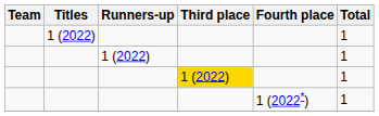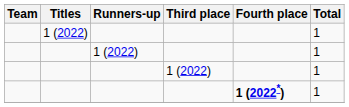 <table class="wikitable sortable">
 <tr>
 <th>Team</th>
 <th>Titles</th>
 <th>Runners-up</th>
 <th>Third place</th>
 <th>Fourth place</th>
 <th>Total</th>
 </tr>
 <tr>
 <td></td>
 <td>1 (<a href='#'>2022</a>)</td>
 <td></td>
 <td></td>
 <td></td>
 <td>1</td>
 </tr>
 <tr>
 <td></td>
 <td></td>
 <td>1 (<a href='#'>2022</a>)</td>
 <td></td>
 <td></td>
 <td>1</td>
 </tr>
 <tr>
 <td></td>
 <td></td>
 <td></td>
-<td style="background: gold;">1 (<a href='#'>2022</a>)</td>
+<td>1 (<a href='#'>2022</a>)</td>
 <td></td>
 <td>1</td>
 </tr>
 <tr>
 <td></td>
 <td></td>
 <td></td>
 <td></td>
-<td>1 (<a href='#'>2022</a><sup><a href='#'>*</a></sup>)</td>
+<td><strong>1 (<a href='#'>2022</a><sup><a href='#'>*</a></sup>)</strong></td>
 <td>1</td>
 </tr>
 <tr>
 </tr>
 </table>
